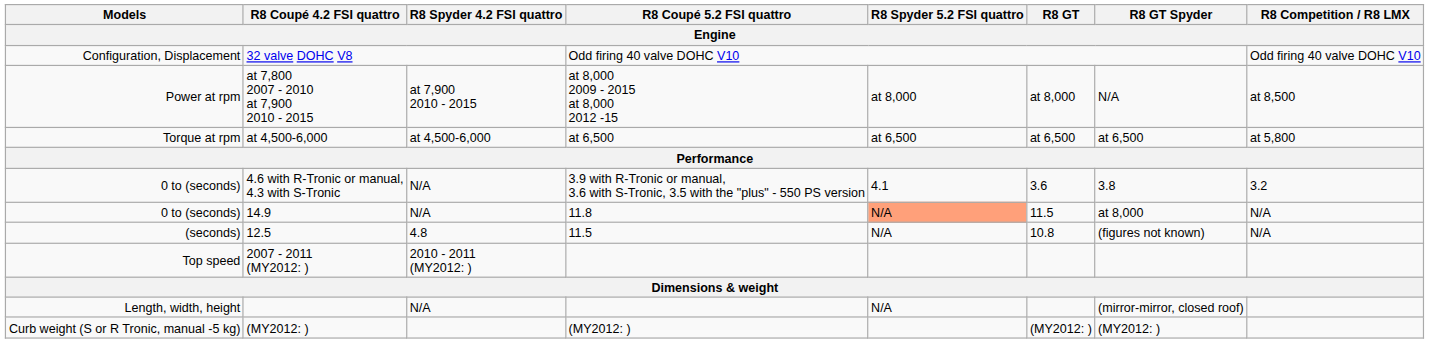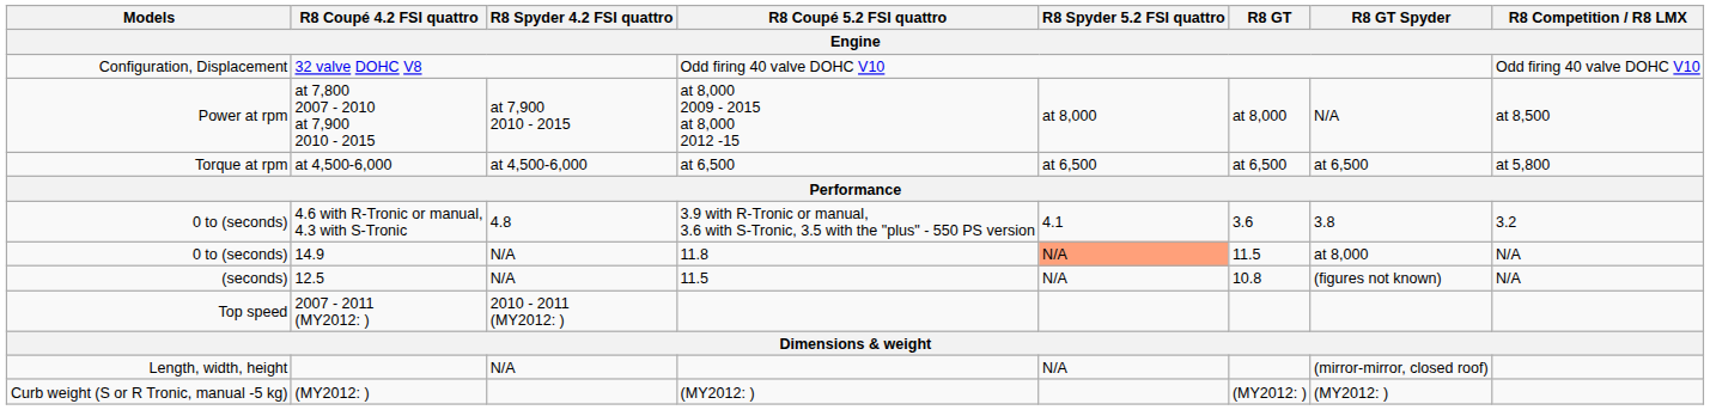 <table class="wikitable" style="margin:0.5em ; font-size:67%">
 <tr>
 <th>Models</th>
 <th>R8 Coupé 4.2 FSI quattro</th>
 <th>R8 Spyder 4.2 FSI quattro</th>
 <th>R8 Coupé 5.2 FSI quattro</th>
 <th>R8 Spyder 5.2 FSI quattro</th>
 <th>R8 GT</th>
 <th>R8 GT Spyder</th>
 <th>R8 Competition / R8 LMX</th>
 </tr>
 <tr>
 <th colspan="8">Engine</th>
 </tr>
 <tr>
 <td style="text-align:right;">Configuration, Displacement</td>
 <td colspan="2"> <a href='#'>32 valve</a> <a href='#'>DOHC</a> <a href='#'>V8</a></td>
 <td colspan="4"> Odd firing 40 valve DOHC <a href='#'>V10</a></td>
 <td colspan="4"> Odd firing 40 valve DOHC <a href='#'>V10</a></td>
 </tr>
 <tr>
 <td style="text-align:right;">Power at rpm</td>
 <td> at 7,800<br>2007 - 2010<br> at 7,900<br>2010 - 2015</td>
 <td> at 7,900<br>2010 - 2015</td>
 <td> at 8,000<br>2009 - 2015<br> at 8,000<br>2012 -15</td>
 <td> at 8,000</td>
 <td> at 8,000</td>
 <td>N/A</td>
 <td> at 8,500</td>
 </tr>
 <tr>
 <td style="text-align:right;">Torque at rpm</td>
 <td> at 4,500-6,000</td>
 <td> at 4,500-6,000</td>
 <td> at 6,500</td>
 <td> at 6,500</td>
 <td> at 6,500</td>
 <td> at 6,500</td>
 <td> at 5,800</td>
 </tr>
 <tr>
 <th colspan="8">Performance</th>
 </tr>
 <tr>
 <td style="text-align:right;">0 to  (seconds)</td>
 <td>4.6 with R-Tronic or manual,<br>4.3 with S-Tronic</td>
-<td>N/A</td>
+<td>4.8</td>
 <td>3.9 with R-Tronic or manual,<br>3.6 with S-Tronic, 3.5 with the "plus" - 550 PS version</td>
 <td>4.1</td>
 <td>3.6</td>
 <td>3.8</td>
 <td>3.2</td>
 </tr>
 <tr>
 <td style="text-align:right;">0 to  (seconds)</td>
 <td>14.9</td>
 <td>N/A</td>
 <td>11.8</td>
 <td style="background: lightsalmon;">N/A</td>
 <td>11.5</td>
 <td> at 8,000</td>
 <td>N/A</td>
 </tr>
 <tr>
 <td style="text-align:right;"> (seconds)</td>
 <td>12.5</td>
-<td>4.8</td>
+<td>N/A</td>
 <td>11.5</td>
 <td>N/A</td>
 <td>10.8</td>
 <td>(figures not known)</td>
 <td>N/A</td>
 </tr>
 <tr>
 <td style="text-align:right;">Top speed</td>
 <td>2007 - 2011<br>(MY2012: )</td>
 <td>2010 - 2011<br>(MY2012: )</td>
 <td></td>
 <td></td>
 <td></td>
 <td></td>
 <td></td>
 </tr>
 <tr>
 <th colspan="8">Dimensions & weight</th>
 </tr>
 <tr>
 <td style="text-align:right;">Length, width, height</td>
 <td></td>
 <td>N/A</td>
 <td></td>
 <td>N/A</td>
 <td></td>
 <td> (mirror-mirror, closed roof)</td>
 <td></td>
 </tr>
 <tr>
 <td style="text-align:right;">Curb weight (S or R Tronic, manual -5 kg)</td>
 <td> (MY2012: )</td>
 <td></td>
 <td> (MY2012: )</td>
 <td></td>
 <td> (MY2012: )</td>
 <td> (MY2012: )</td>
 <td></td>
 </tr>
 </table>
